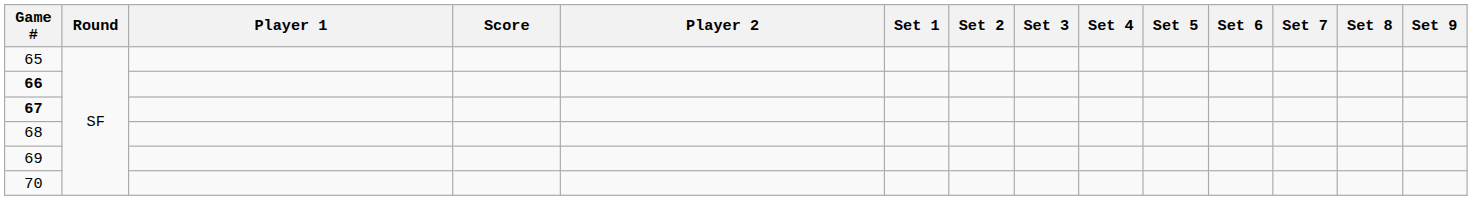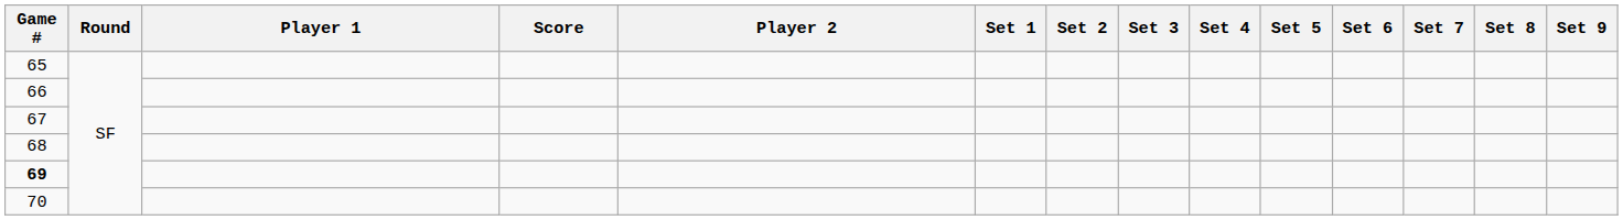 <table class="wikitable">
 <tr>
 <th width="2%">Game #</th>
 <th width="2%">Round</th>
 <th width="15%">Player 1</th>
 <th width="5%">Score</th>
 <th width="15%">Player 2</th>
 <th width="3%">Set 1</th>
 <th width="3%">Set 2</th>
 <th width="3%">Set 3</th>
 <th width="3%">Set 4</th>
 <th width="3%">Set 5</th>
 <th width="3%">Set 6</th>
 <th width="3%">Set 7</th>
 <th width="3%">Set 8</th>
 <th width="3%">Set 9</th>
 </tr>
 <tr style=text-align:center;>
 <td>65</td>
 <td rowspan=6>SF</td>
 <td></td>
 <td></td>
 <td></td>
 <td></td>
 <td></td>
 <td></td>
 <td></td>
 <td></td>
 <td></td>
 <td></td>
 <td></td>
 <td></td>
 </tr>
 <tr style=text-align:center;>
-<td><strong>66</strong></td>
+<td>66</td>
 <td></td>
 <td></td>
 <td></td>
 <td></td>
 <td></td>
 <td></td>
 <td></td>
 <td></td>
 <td></td>
 <td></td>
 <td></td>
 <td></td>
 </tr>
 <tr style=text-align:center;>
-<td><strong>67</strong></td>
+<td>67</td>
 <td></td>
 <td></td>
 <td></td>
 <td></td>
 <td></td>
 <td></td>
 <td></td>
 <td></td>
 <td></td>
 <td></td>
 <td></td>
 <td></td>
 </tr>
 <tr style=text-align:center;>
 <td>68</td>
 <td></td>
 <td></td>
 <td></td>
 <td></td>
 <td></td>
 <td></td>
 <td></td>
 <td></td>
 <td></td>
 <td></td>
 <td></td>
 <td></td>
 </tr>
 <tr style=text-align:center;>
-<td>69</td>
+<td><strong>69</strong></td>
 <td></td>
 <td></td>
 <td></td>
 <td></td>
 <td></td>
 <td></td>
 <td></td>
 <td></td>
 <td></td>
 <td></td>
 <td></td>
 <td></td>
 </tr>
 <tr style=text-align:center;>
 <td>70</td>
 <td></td>
 <td></td>
 <td></td>
 <td></td>
 <td></td>
 <td></td>
 <td></td>
 <td></td>
 <td></td>
 <td></td>
 <td></td>
 <td></td>
 </tr>
 </table>
